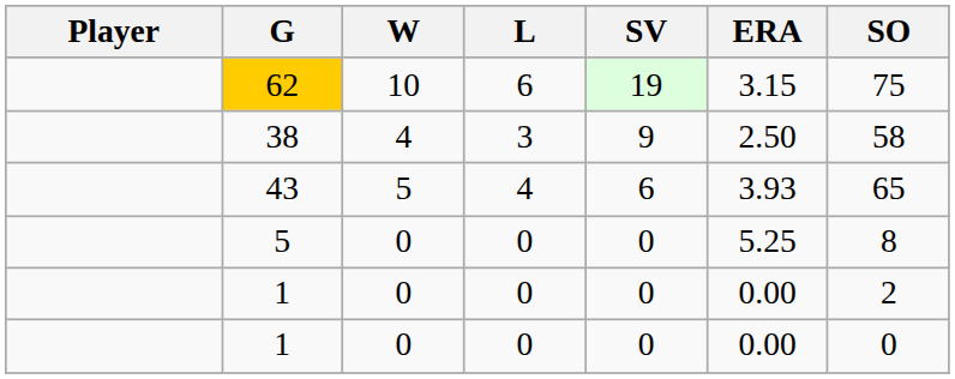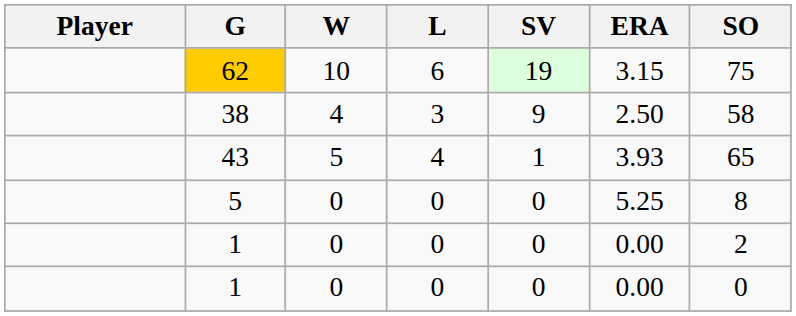 <table class="wikitable sortable">
 <tr>
 <th bgcolor="#DDDDFF" width="16%">Player</th>
 <th bgcolor="#DDDDFF" width="9%">G</th>
 <th bgcolor="#DDDDFF" width="9%">W</th>
 <th bgcolor="#DDDDFF" width="9%">L</th>
 <th bgcolor="#DDDDFF" width="9%">SV</th>
 <th bgcolor="#DDDDFF" width="9%">ERA</th>
 <th bgcolor="#DDDDFF" width="9%">SO</th>
 </tr>
 <tr align="center">
 <td></td>
 <td style="background:#fc0;">62</td>
 <td>10</td>
 <td>6</td>
 <td style="background:#DDFFDD;">19</td>
 <td>3.15</td>
 <td>75</td>
 </tr>
 <tr align="center">
 <td></td>
 <td>38</td>
 <td>4</td>
 <td>3</td>
 <td>9</td>
 <td>2.50</td>
 <td>58</td>
 </tr>
 <tr align=center>
 <td></td>
 <td>43</td>
 <td>5</td>
 <td>4</td>
-<td>6</td>
+<td>1</td>
 <td>3.93</td>
 <td>65</td>
 </tr>
 <tr align="center">
 <td></td>
 <td>5</td>
 <td>0</td>
 <td>0</td>
 <td>0</td>
 <td>5.25</td>
 <td>8</td>
 </tr>
 <tr align="center">
 <td></td>
 <td>1</td>
 <td>0</td>
 <td>0</td>
 <td>0</td>
 <td>0.00</td>
 <td>2</td>
 </tr>
 <tr align="center">
 <td></td>
 <td>1</td>
 <td>0</td>
 <td>0</td>
 <td>0</td>
 <td>0.00</td>
 <td>0</td>
 </tr>
 </table>
